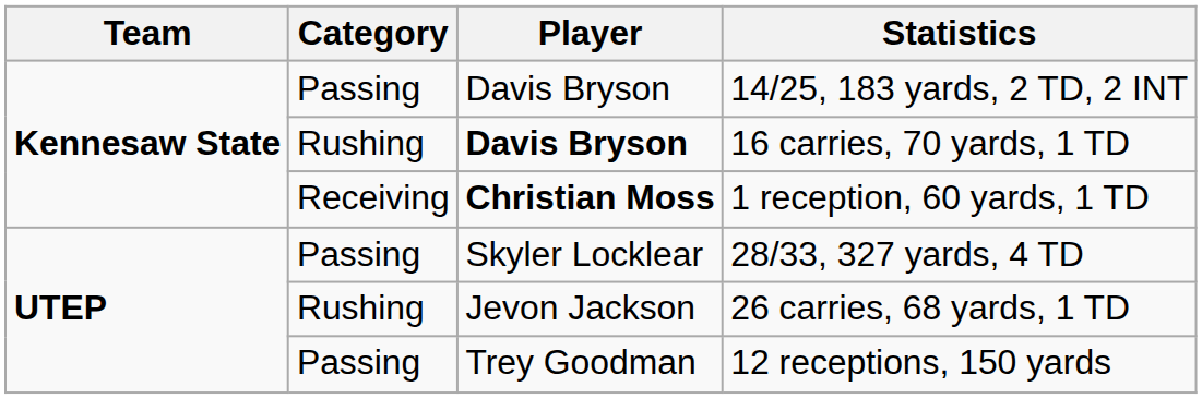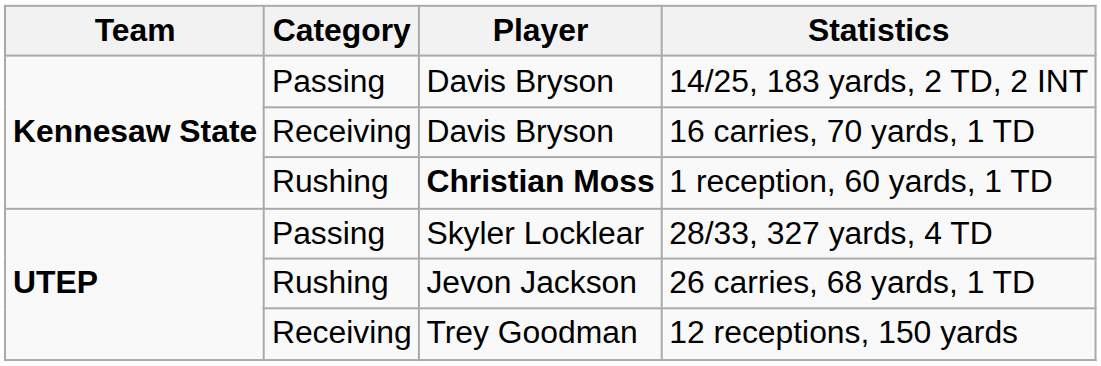 <table class="wikitable" style="float: right;">
 <tr>
 <th>Team</th>
 <th>Category</th>
 <th>Player</th>
 <th>Statistics</th>
 </tr>
 <tr>
 <td rowspan=3><strong>Kennesaw State</strong></td>
 <td>Passing</td>
 <td>Davis Bryson</td>
 <td>14/25, 183 yards, 2 TD, 2 INT</td>
 </tr>
 <tr>
-<td>Rushing</td>
-<td><strong>Davis Bryson</strong></td>
+<td>Receiving</td>
+<td>Davis Bryson</td>
 <td>16 carries, 70 yards, 1 TD</td>
 </tr>
 <tr>
-<td>Receiving</td>
+<td>Rushing</td>
 <td><strong>Christian Moss</strong></td>
 <td>1 reception, 60 yards, 1 TD</td>
 </tr>
 <tr>
 <td rowspan=3><strong>UTEP</strong></td>
 <td>Passing</td>
 <td>Skyler Locklear</td>
 <td>28/33, 327 yards, 4 TD</td>
 </tr>
 <tr>
 <td>Rushing</td>
 <td>Jevon Jackson</td>
 <td>26 carries, 68 yards, 1 TD</td>
 </tr>
 <tr>
-<td>Passing</td>
+<td>Receiving</td>
 <td>Trey Goodman</td>
 <td>12 receptions, 150 yards</td>
 </tr>
 </table>
